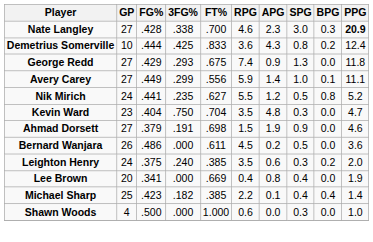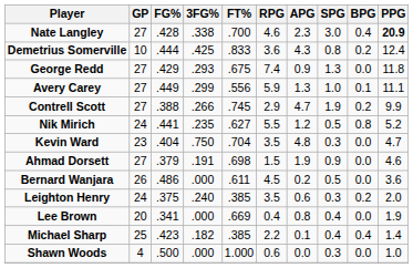 <table class="wikitable sortable" style="font-size: 90%">
 <tr>
 <th>Player</th>
 <th>GP</th>
 <th>FG%</th>
 <th>3FG%</th>
 <th>FT%</th>
 <th>RPG</th>
 <th>APG</th>
 <th>SPG</th>
 <th>BPG</th>
 <th>PPG</th>
 </tr>
 <tr align="center" bgcolor="">
 <td><strong>Nate Langley</strong></td>
 <td>27</td>
 <td>.428</td>
 <td>.338</td>
 <td>.700</td>
 <td>4.6</td>
 <td>2.3</td>
 <td>3.0</td>
-<td>0.3</td>
+<td>0.4</td>
 <td><strong>20.9</strong></td>
 </tr>
 <tr align="center" bgcolor="">
 <td><strong>Demetrius Somerville</strong></td>
 <td>10</td>
 <td>.444</td>
 <td>.425</td>
 <td>.833</td>
 <td>3.6</td>
 <td>4.3</td>
 <td>0.8</td>
 <td>0.2</td>
 <td>12.4</td>
 </tr>
 <tr align="center" bgcolor="">
 <td><strong>George Redd</strong></td>
 <td>27</td>
 <td>.429</td>
 <td>.293</td>
 <td>.675</td>
 <td>7.4</td>
 <td>0.9</td>
 <td>1.3</td>
 <td>0.0</td>
 <td>11.8</td>
 </tr>
 <tr align="center" bgcolor="">
 <td><strong>Avery Carey</strong></td>
 <td>27</td>
 <td>.449</td>
 <td>.299</td>
 <td>.556</td>
 <td>5.9</td>
-<td>1.4</td>
+<td>1.3</td>
 <td>1.0</td>
 <td>0.1</td>
 <td>11.1</td>
+</tr>
+<tr align="center" bgcolor="">
+<td><strong>Contrell Scott</strong></td>
+<td>27</td>
+<td>.388</td>
+<td>.266</td>
+<td>.745</td>
+<td>2.9</td>
+<td>4.7</td>
+<td>1.9</td>
+<td>0.2</td>
+<td>9.9</td>
 </tr>
 <tr align="center" bgcolor="">
 <td><strong>Nik Mirich</strong></td>
 <td>24</td>
 <td>.441</td>
 <td>.235</td>
 <td>.627</td>
 <td>5.5</td>
 <td>1.2</td>
 <td>0.5</td>
 <td>0.8</td>
 <td>5.2</td>
 </tr>
 <tr align="center" bgcolor="">
 <td><strong>Kevin Ward</strong></td>
 <td>23</td>
 <td>.404</td>
 <td>.750</td>
 <td>.704</td>
 <td>3.5</td>
 <td>4.8</td>
 <td>0.3</td>
 <td>0.0</td>
 <td>4.7</td>
 </tr>
 <tr align="center" bgcolor="">
 <td><strong>Ahmad Dorsett</strong></td>
 <td>27</td>
 <td>.379</td>
 <td>.191</td>
 <td>.698</td>
 <td>1.5</td>
 <td>1.9</td>
 <td>0.9</td>
 <td>0.0</td>
 <td>4.6</td>
 </tr>
 <tr align="center" bgcolor="">
 <td><strong>Bernard Wanjara</strong></td>
 <td>26</td>
 <td>.486</td>
 <td>.000</td>
 <td>.611</td>
 <td>4.5</td>
 <td>0.2</td>
 <td>0.5</td>
 <td>0.0</td>
 <td>3.6</td>
 </tr>
 <tr align="center" bgcolor="">
 <td><strong>Leighton Henry</strong></td>
 <td>24</td>
 <td>.375</td>
 <td>.240</td>
 <td>.385</td>
 <td>3.5</td>
 <td>0.6</td>
 <td>0.3</td>
 <td>0.2</td>
 <td>2.0</td>
 </tr>
 <tr align="center" bgcolor="">
 <td><strong>Lee Brown</strong></td>
 <td>20</td>
 <td>.341</td>
 <td>.000</td>
 <td>.669</td>
 <td>0.4</td>
 <td>0.8</td>
 <td>0.4</td>
 <td>0.0</td>
 <td>1.9</td>
 </tr>
 <tr align="center" bgcolor="">
 <td><strong>Michael Sharp</strong></td>
 <td>25</td>
 <td>.423</td>
 <td>.182</td>
 <td>.385</td>
 <td>2.2</td>
 <td>0.1</td>
 <td>0.4</td>
 <td>0.4</td>
 <td>1.4</td>
 </tr>
 <tr align="center" bgcolor="">
 <td><strong>Shawn Woods</strong></td>
 <td>4</td>
 <td>.500</td>
 <td>.000</td>
 <td>1.000</td>
 <td>0.6</td>
 <td>0.0</td>
 <td>0.3</td>
 <td>0.0</td>
 <td>1.0</td>
 </tr>
 <tr align="center" bgcolor="">
 </tr>
 </table>
